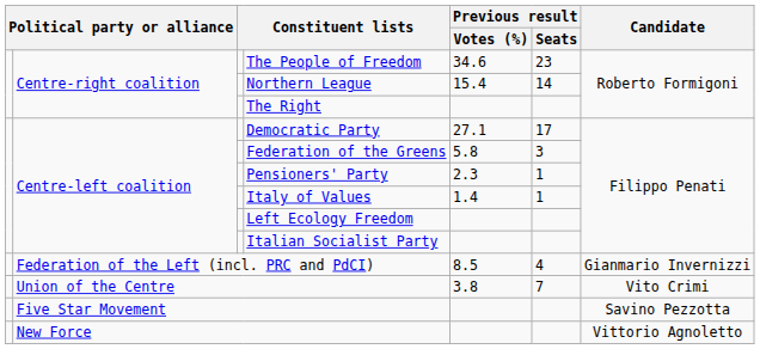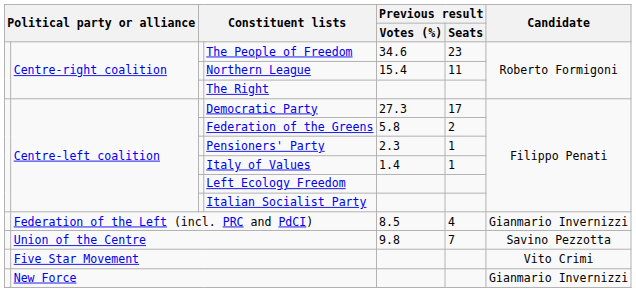 <table class="wikitable" style="text-align:left">
 <tr>
 <th colspan=2 rowspan="2">Political party or alliance</th>
 <th colspan=2 rowspan="2">Constituent lists</th>
 <th colspan="2">Previous result</th>
 <th rowspan="2">Candidate</th>
 </tr>
 <tr>
 <th>Votes (%)</th>
 <th>Seats</th>
 </tr>
 <tr>
 <td rowspan="3" style="background:"></td>
 <td rowspan=3><a href='#'>Centre-right coalition</a></td>
 <td></td>
 <td style="text-align:left;"><a href='#'>The People of Freedom</a></td>
 <td>34.6</td>
 <td>23</td>
 <td rowspan="3" style="text-align: center;">Roberto Formigoni</td>
 </tr>
 <tr>
 <td></td>
 <td style="text-align:left;"><a href='#'>Northern League</a></td>
 <td>15.4</td>
-<td>14</td>
+<td>11</td>
 </tr>
 <tr>
 <td></td>
 <td style="text-align:left;"><a href='#'>The Right</a></td>
 <td></td>
 <td></td>
 </tr>
 <tr>
 <td rowspan="6"></td>
 <td rowspan="6"><a href='#'>Centre-left coalition</a></td>
 <td></td>
 <td style="text-align:left;"><a href='#'>Democratic Party</a></td>
-<td>27.1</td>
+<td>27.3</td>
 <td>17</td>
 <td rowspan="6" style="text-align: center;">Filippo Penati</td>
 </tr>
 <tr>
 <td></td>
 <td><a href='#'>Federation of the Greens</a></td>
 <td>5.8</td>
-<td>3</td>
+<td>2</td>
 </tr>
 <tr>
 <td></td>
 <td><a href='#'>Pensioners' Party</a></td>
 <td>2.3</td>
 <td>1</td>
 </tr>
 <tr>
 <td></td>
 <td><a href='#'>Italy of Values</a></td>
 <td>1.4</td>
 <td>1</td>
 </tr>
 <tr>
 <td></td>
 <td><a href='#'>Left Ecology Freedom</a></td>
 <td></td>
 <td></td>
 </tr>
 <tr>
 <td></td>
 <td><a href='#'>Italian Socialist Party</a></td>
 <td></td>
 <td></td>
 </tr>
 <tr>
 <td></td>
 <td colspan="3"><a href='#'>Federation of the Left</a> (incl. <a href='#'>PRC</a> and <a href='#'>PdCI</a>)</td>
 <td>8.5</td>
 <td>4</td>
 <td style="text-align: center;">Gianmario Invernizzi</td>
 </tr>
 <tr>
 <td></td>
 <td colspan="3"><a href='#'>Union of the Centre</a></td>
-<td>3.8</td>
+<td>9.8</td>
 <td>7</td>
-<td style="text-align: center;">Vito Crimi</td>
+<td style="text-align: center;">Savino Pezzotta</td>
 </tr>
 <tr>
 <td></td>
 <td colspan="3"><a href='#'>Five Star Movement</a></td>
 <td></td>
 <td></td>
-<td style="text-align: center;">Savino Pezzotta</td>
+<td style="text-align: center;">Vito Crimi</td>
 </tr>
 <tr>
 <td></td>
 <td colspan="3"><a href='#'>New Force</a></td>
 <td></td>
 <td></td>
-<td style="text-align: center;">Vittorio Agnoletto</td>
+<td style="text-align: center;">Gianmario Invernizzi</td>
 </tr>
 </table>
